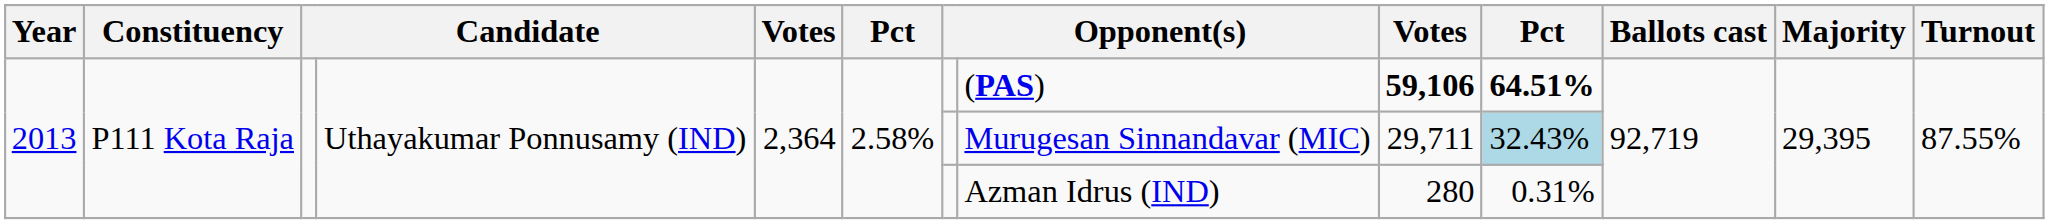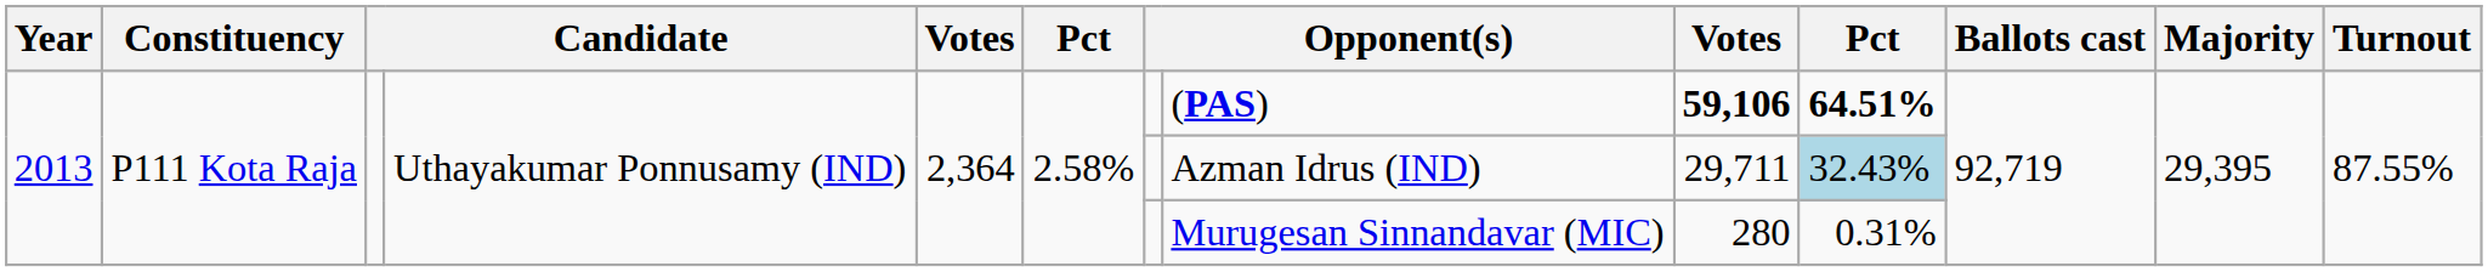 <table class="wikitable" style="margin:0.5em ; font-size:95%">
 <tr>
 <th>Year</th>
 <th>Constituency</th>
 <th colspan=2>Candidate</th>
 <th>Votes</th>
 <th>Pct</th>
 <th colspan=2>Opponent(s)</th>
 <th>Votes</th>
 <th>Pct</th>
 <th>Ballots cast</th>
 <th>Majority</th>
 <th>Turnout</th>
 </tr>
 <tr>
 <td rowspan=3><a href='#'>2013</a></td>
 <td rowspan=3>P111 <a href='#'>Kota Raja</a></td>
 <td rowspan=3 ></td>
 <td rowspan=3>Uthayakumar Ponnusamy (<a href='#'>IND</a>)</td>
 <td rowspan=3 align="right">2,364</td>
 <td rowspan=3 align="right">2.58%</td>
 <td></td>
 <td> (<a href='#'><strong>PAS</strong></a>)</td>
 <td align="right"><strong>59,106</strong></td>
 <td><strong>64.51%</strong></td>
 <td rowspan=3>92,719</td>
 <td rowspan=3>29,395</td>
 <td rowspan=3>87.55%</td>
 </tr>
 <tr>
 <td></td>
-<td><a href='#'>Murugesan Sinnandavar</a> (<a href='#'>MIC</a>)</td>
+<td>Azman Idrus (<a href='#'>IND</a>)</td>
 <td align="right">29,711</td>
 <td style="background: lightblue;">32.43%</td>
 </tr>
 <tr>
 <td></td>
-<td>Azman Idrus (<a href='#'>IND</a>)</td>
+<td><a href='#'>Murugesan Sinnandavar</a> (<a href='#'>MIC</a>)</td>
 <td align="right">280</td>
 <td align="right">0.31%</td>
 </tr>
 </table>
